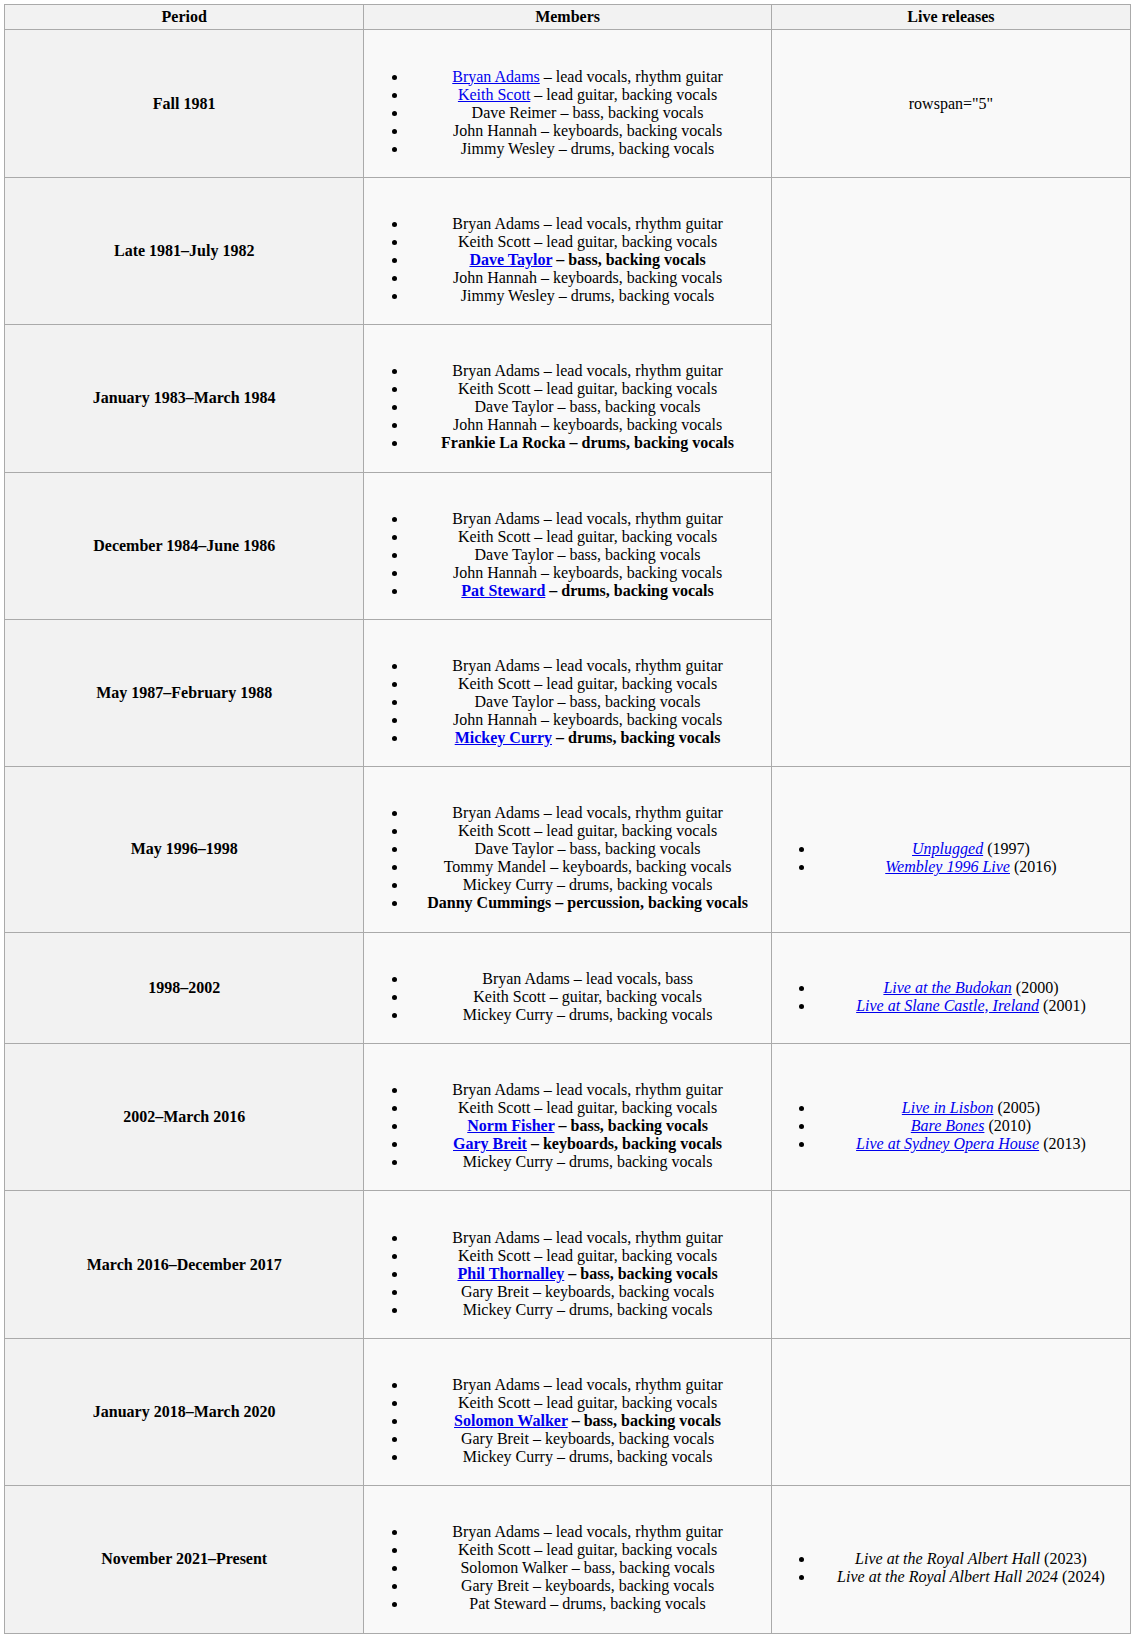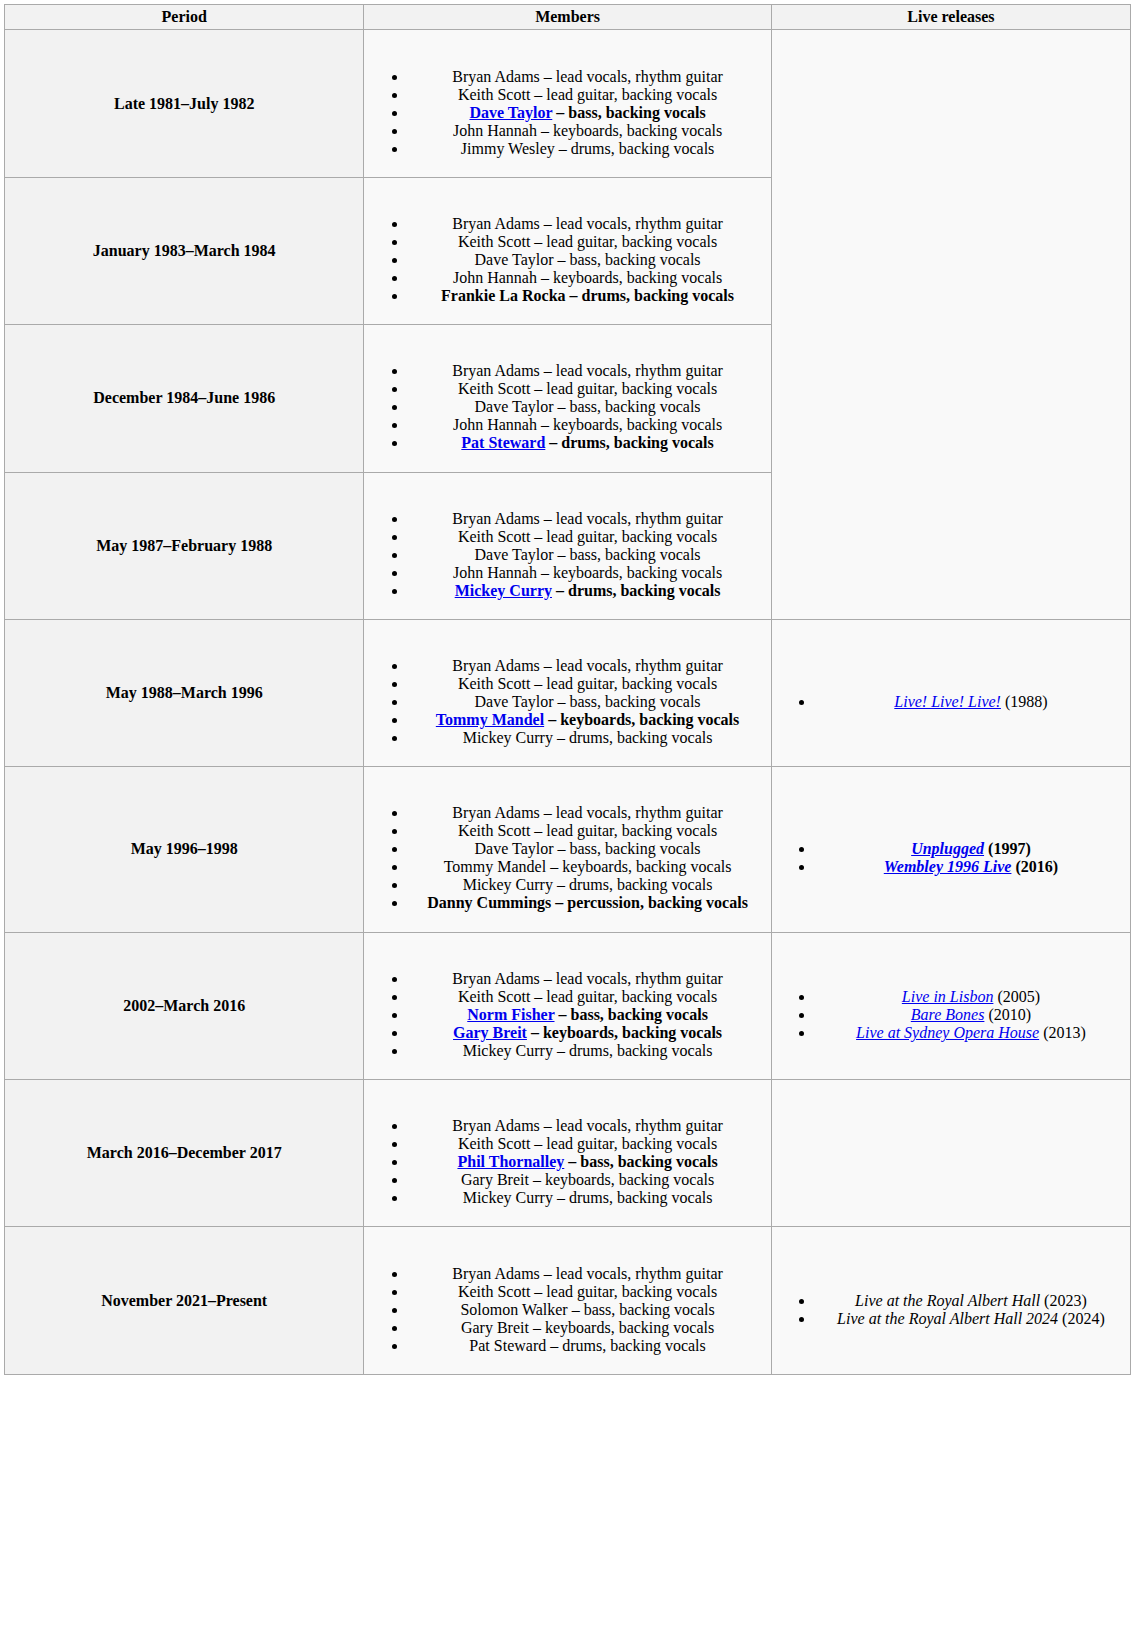 <table class="wikitable plainrowheaders" style="text-align:center;">
 <tr>
 <th scope="col" style="width:22em;">Period</th>
 <th scope="col" style="width:25em;">Members</th>
 <th scope="col" style="width:22em;">Live releases</th>
-</tr>
-<tr>
-<th scope="col">Fall 1981</th>
-<td><br><ul><li><a href='#'>Bryan Adams</a> – lead vocals, rhythm guitar</li><li><a href='#'>Keith Scott</a> – lead guitar, backing vocals</li><li>Dave Reimer – bass, backing vocals</li><li>John Hannah – keyboards, backing vocals</li><li>Jimmy Wesley – drums, backing vocals</li></ul></td>
-<td>rowspan="5" </td>
 </tr>
 <tr>
 <th scope="col">Late 1981–July 1982</th>
 <td><br><ul><li>Bryan Adams – lead vocals, rhythm guitar</li><li>Keith Scott – lead guitar, backing vocals</li><li><strong><a href='#'>Dave Taylor</a> – bass, backing vocals</strong></li><li>John Hannah – keyboards, backing vocals</li><li>Jimmy Wesley – drums, backing vocals</li></ul></td>
 </tr>
 <tr>
 <th scope="col">January 1983–March 1984</th>
 <td><br><ul><li>Bryan Adams – lead vocals, rhythm guitar</li><li>Keith Scott – lead guitar, backing vocals</li><li>Dave Taylor – bass, backing vocals</li><li>John Hannah – keyboards, backing vocals</li><li><strong>Frankie La Rocka – drums, backing vocals</strong></li></ul></td>
 </tr>
 <tr>
 <th scope="col">December 1984–June 1986</th>
 <td><br><ul><li>Bryan Adams – lead vocals, rhythm guitar</li><li>Keith Scott – lead guitar, backing vocals</li><li>Dave Taylor – bass, backing vocals</li><li>John Hannah – keyboards, backing vocals</li><li><strong><a href='#'>Pat Steward</a> – drums, backing vocals</strong></li></ul></td>
 </tr>
 <tr>
 <th scope="col">May 1987–February 1988</th>
 <td><br><ul><li>Bryan Adams – lead vocals, rhythm guitar</li><li>Keith Scott – lead guitar, backing vocals</li><li>Dave Taylor – bass, backing vocals</li><li>John Hannah – keyboards, backing vocals</li><li><strong><a href='#'>Mickey Curry</a> – drums, backing vocals</strong></li></ul></td>
 </tr>
 <tr>
+<th scope="col">May 1988–March 1996</th>
+<td><br><ul><li>Bryan Adams – lead vocals, rhythm guitar</li><li>Keith Scott – lead guitar, backing vocals</li><li>Dave Taylor – bass, backing vocals</li><li><strong><a href='#'>Tommy Mandel</a> – keyboards, backing vocals</strong></li><li>Mickey Curry – drums, backing vocals</li></ul></td>
+<td><br><ul><li><em><a href='#'>Live! Live! Live!</a></em> (1988)</li></ul></td>
+</tr>
+<tr>
 <th scope="col">May 1996–1998</th>
 <td><br><ul><li>Bryan Adams – lead vocals, rhythm guitar</li><li>Keith Scott – lead guitar, backing vocals</li><li>Dave Taylor – bass, backing vocals</li><li>Tommy Mandel – keyboards, backing vocals</li><li>Mickey Curry – drums, backing vocals</li><li><strong>Danny Cummings – percussion, backing vocals</strong></li></ul></td>
-<td><br><ul><li><em><a href='#'>Unplugged</a></em> (1997)</li><li><em><a href='#'>Wembley 1996 Live</a></em> (2016)</li></ul></td>
-</tr>
-<tr>
-<th scope="col">1998–2002</th>
-<td><br><ul><li>Bryan Adams – lead vocals, bass</li><li>Keith Scott – guitar, backing vocals</li><li>Mickey Curry – drums, backing vocals</li></ul></td>
-<td><br><ul><li><em><a href='#'>Live at the Budokan</a></em> (2000)</li><li><em><a href='#'>Live at Slane Castle, Ireland</a></em> (2001)</li></ul></td>
+<td><strong><br><ul><li><em><a href='#'>Unplugged</a></em> (1997)</li><li><em><a href='#'>Wembley 1996 Live</a></em> (2016)</li></ul></strong></td>
 </tr>
 <tr>
 <th scope="col">2002–March 2016</th>
 <td><br><ul><li>Bryan Adams – lead vocals, rhythm guitar</li><li>Keith Scott – lead guitar, backing vocals</li><li><strong><a href='#'>Norm Fisher</a> – bass, backing vocals</strong></li><li><strong><a href='#'>Gary Breit</a> – keyboards, backing vocals</strong></li><li>Mickey Curry – drums, backing vocals</li></ul></td>
 <td><br><ul><li><em><a href='#'>Live in Lisbon</a></em> (2005)</li><li><em><a href='#'>Bare Bones</a></em> (2010)</li><li><em><a href='#'>Live at Sydney Opera House</a></em> (2013)</li></ul></td>
 </tr>
 <tr>
 <th scope="col">March 2016–December 2017</th>
 <td><br><ul><li>Bryan Adams – lead vocals, rhythm guitar</li><li>Keith Scott – lead guitar, backing vocals</li><li><strong><a href='#'>Phil Thornalley</a> – bass, backing vocals</strong></li><li>Gary Breit – keyboards, backing vocals</li><li>Mickey Curry – drums, backing vocals</li></ul></td>
 <td></td>
 </tr>
 <tr>
-<th scope="col">January 2018–March 2020</th>
-<td><br><ul><li>Bryan Adams – lead vocals, rhythm guitar</li><li>Keith Scott – lead guitar, backing vocals</li><li><strong><a href='#'>Solomon Walker</a> – bass, backing vocals</strong></li><li>Gary Breit – keyboards, backing vocals</li><li>Mickey Curry – drums, backing vocals</li></ul></td>
-<td></td>
-</tr>
-<tr>
 <th scope="col">November 2021–Present</th>
 <td><br><ul><li>Bryan Adams – lead vocals, rhythm guitar</li><li>Keith Scott – lead guitar, backing vocals</li><li>Solomon Walker – bass, backing vocals</li><li>Gary Breit – keyboards, backing vocals</li><li>Pat Steward – drums, backing vocals</li></ul></td>
 <td><br><ul><li><em>Live at the Royal Albert Hall</em> (2023)</li><li><em>Live at the Royal Albert Hall 2024</em> (2024)</li></ul></td>
 </tr>
 </table>
